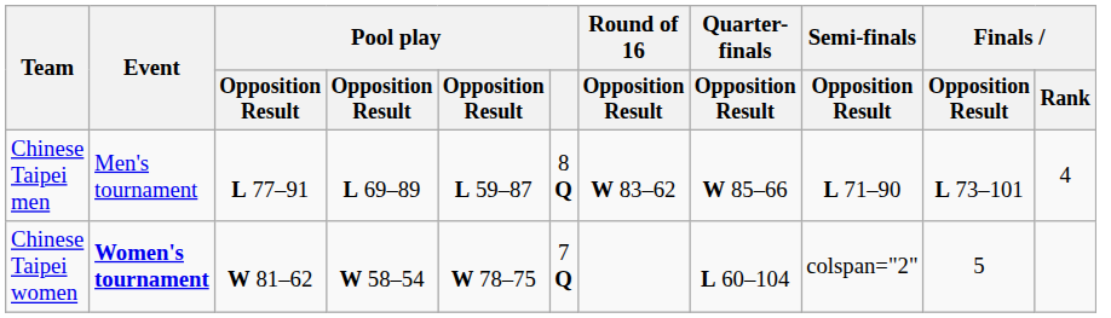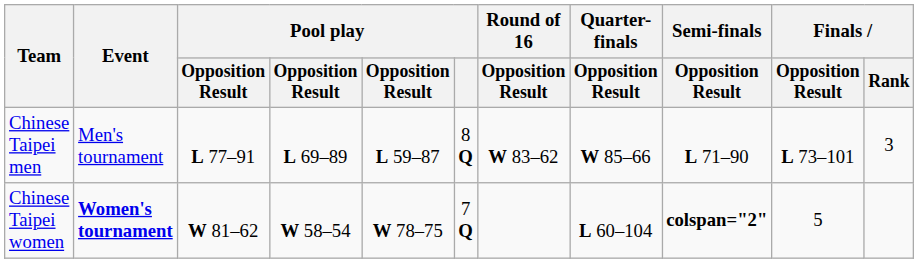 <table class="wikitable" style="font-size:90%; text-align:center">
 <tr>
 <th rowspan="2">Team</th>
 <th rowspan="2">Event</th>
 <th colspan="4">Pool play</th>
 <th>Round of 16</th>
 <th>Quarter-finals</th>
 <th>Semi-finals</th>
 <th colspan="2">Finals / </th>
 </tr>
 <tr style=font-size:95%>
 <th>Opposition<br>Result</th>
 <th>Opposition<br>Result</th>
 <th>Opposition<br>Result</th>
 <th></th>
 <th>Opposition<br>Result</th>
 <th>Opposition<br>Result</th>
 <th>Opposition<br>Result</th>
 <th>Opposition<br>Result</th>
 <th>Rank</th>
 </tr>
 <tr>
 <td align="left"><a href='#'>Chinese Taipei men</a></td>
 <td align="left"><a href='#'>Men's tournament</a></td>
 <td><br><strong>L</strong> 77–91</td>
 <td><br><strong>L</strong> 69–89</td>
 <td><br><strong>L</strong> 59–87</td>
 <td>8 <strong>Q</strong></td>
 <td><br><strong>W</strong> 83–62</td>
 <td><br><strong>W</strong> 85–66</td>
 <td><br><strong>L</strong> 71–90</td>
 <td><br><strong>L</strong> 73–101</td>
-<td>4</td>
+<td>3</td>
 </tr>
 <tr>
 <td align="left"><a href='#'>Chinese Taipei women</a></td>
 <td align="left"><strong><a href='#'>Women's tournament</a></strong></td>
 <td><br><strong>W</strong> 81–62</td>
 <td><br><strong>W</strong> 58–54</td>
 <td><br><strong>W</strong> 78–75</td>
 <td>7 <strong>Q</strong></td>
 <td></td>
 <td><br><strong>L</strong> 60–104</td>
-<td>colspan="2" </td>
+<td><strong>colspan="2" </strong></td>
 <td>5</td>
 </tr>
 </table>
